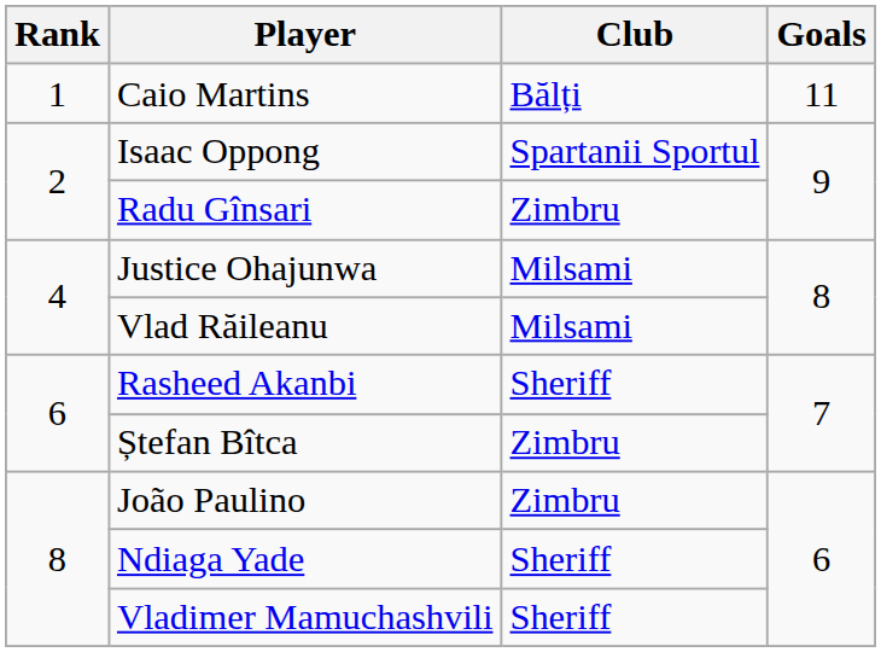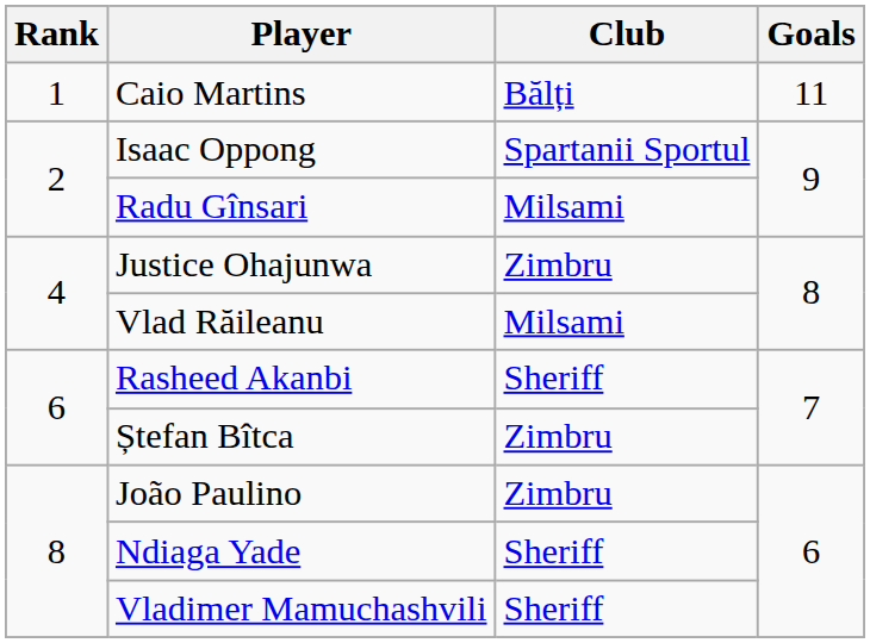 <table class="wikitable">
 <tr>
 <th>Rank</th>
 <th>Player</th>
 <th>Club</th>
 <th>Goals</th>
 </tr>
 <tr>
 <td rowspan=1 align=center>1</td>
 <td> Caio Martins</td>
 <td><a href='#'>Bălți</a></td>
 <td rowspan=1 align=center>11</td>
 </tr>
 <tr>
 <td rowspan=2 align=center>2</td>
 <td> Isaac Oppong</td>
 <td><a href='#'>Spartanii Sportul</a></td>
 <td rowspan=2 align=center>9</td>
 </tr>
 <tr>
 <td> <a href='#'>Radu Gînsari</a></td>
-<td><a href='#'>Zimbru</a></td>
+<td><a href='#'>Milsami</a></td>
 </tr>
 <tr>
 <td rowspan=2 align=center>4</td>
 <td> Justice Ohajunwa</td>
-<td><a href='#'>Milsami</a></td>
+<td><a href='#'>Zimbru</a></td>
 <td rowspan=2 align=center>8</td>
 </tr>
 <tr>
 <td> Vlad Răileanu</td>
 <td><a href='#'>Milsami</a></td>
 </tr>
 <tr>
 <td rowspan=2 align=center>6</td>
 <td> <a href='#'>Rasheed Akanbi</a></td>
 <td><a href='#'>Sheriff</a></td>
 <td rowspan=2 align=center>7</td>
 </tr>
 <tr>
 <td> Ștefan Bîtca</td>
 <td><a href='#'>Zimbru</a></td>
 </tr>
 <tr>
 <td rowspan=3 align=center>8</td>
 <td> João Paulino</td>
 <td><a href='#'>Zimbru</a></td>
 <td rowspan=3 align=center>6</td>
 </tr>
 <tr>
 <td> <a href='#'>Ndiaga Yade</a></td>
 <td><a href='#'>Sheriff</a></td>
 </tr>
 <tr>
 <td> <a href='#'>Vladimer Mamuchashvili</a></td>
 <td><a href='#'>Sheriff</a></td>
 </tr>
 </table>
